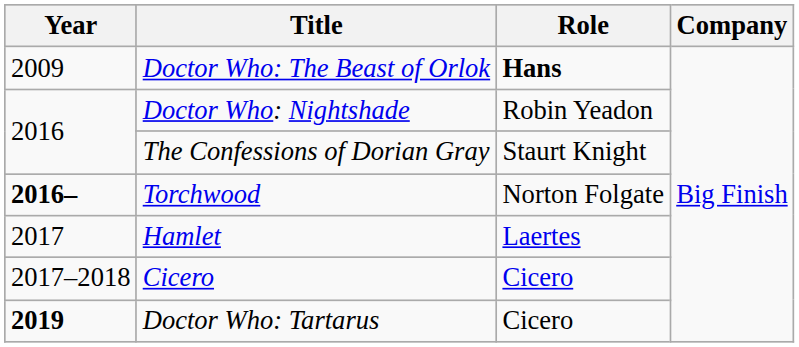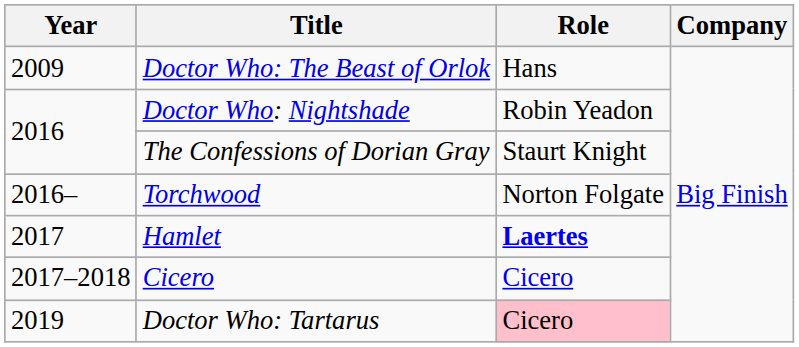 <table class="wikitable">
 <tr>
 <th>Year</th>
 <th>Title</th>
 <th>Role</th>
 <th>Company</th>
 </tr>
 <tr>
 <td>2009</td>
 <td><em><a href='#'>Doctor Who: The Beast of Orlok</a></em></td>
-<td><strong>Hans</strong></td>
+<td>Hans</td>
 <td rowspan="7"><a href='#'>Big Finish</a></td>
 </tr>
 <tr>
 <td rowspan="2">2016</td>
 <td><em><a href='#'>Doctor Who</a>: <a href='#'>Nightshade</a></em></td>
 <td>Robin Yeadon</td>
 </tr>
 <tr>
 <td><em>The Confessions of Dorian Gray</em></td>
 <td>Staurt Knight</td>
 </tr>
 <tr>
-<td><strong>2016–</strong></td>
+<td>2016–</td>
 <td><em><a href='#'>Torchwood</a></em></td>
 <td>Norton Folgate</td>
 </tr>
 <tr>
 <td>2017</td>
 <td><em><a href='#'>Hamlet</a></em></td>
-<td><a href='#'>Laertes</a></td>
+<td><strong><a href='#'>Laertes</a></strong></td>
 </tr>
 <tr>
 <td>2017–2018</td>
 <td><em><a href='#'>Cicero</a></em></td>
 <td><a href='#'>Cicero</a></td>
 </tr>
 <tr>
-<td><strong>2019</strong></td>
+<td>2019</td>
 <td><em>Doctor Who: Tartarus</em></td>
-<td>Cicero</td>
+<td style="background: pink;">Cicero</td>
 </tr>
 </table>
